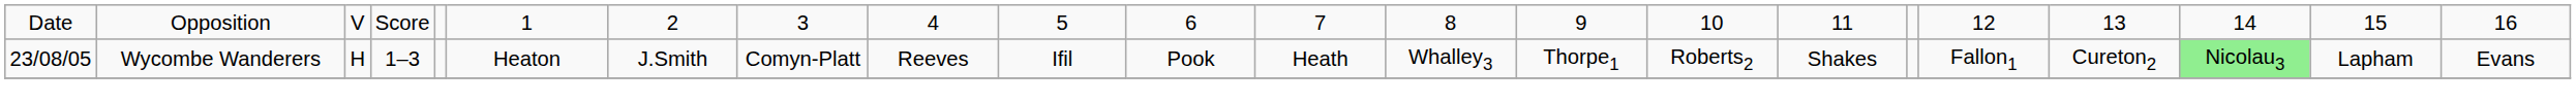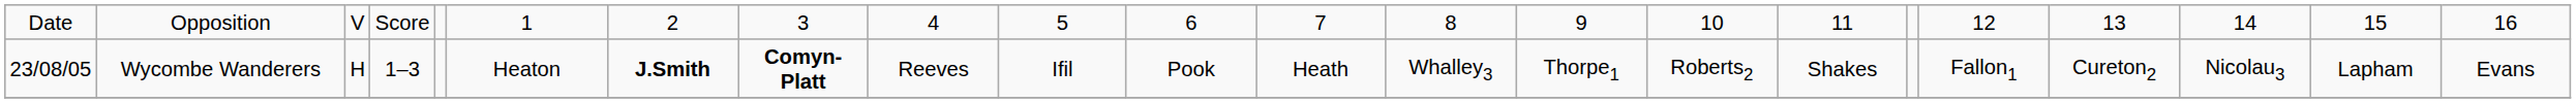 <table class="wikitable" style="font-size: 80%; text-align: center;">
 <tr style="text-align:center;">
 <td style="width:10px; ">Date</td>
 <td style="width:150px; ">Opposition</td>
 <td style="width:5px; ">V</td>
 <td style="width:5px; ">Score</td>
 <td style="width:1px; text-align:center;"></td>
 <td style="width:95px; ">1</td>
 <td style="width:75px; ">2</td>
 <td style="width:75px; ">3</td>
 <td style="width:75px; ">4</td>
 <td style="width:75px; ">5</td>
 <td style="width:75px; ">6</td>
 <td style="width:75px; ">7</td>
 <td style="width:75px; ">8</td>
 <td style="width:75px; ">9</td>
 <td style="width:75px; ">10</td>
 <td style="width:75px; ">11</td>
 <td style="width:1px; text-align:center;"></td>
 <td style="width:75px; ">12</td>
 <td style="width:75px; ">13</td>
 <td style="width:75px; ">14</td>
 <td style="width:75px; ">15</td>
 <td style="width:75px; ">16</td>
 </tr>
 <tr>
 <td>23/08/05</td>
 <td>Wycombe Wanderers</td>
 <td>H</td>
 <td>1–3</td>
 <td></td>
 <td>Heaton</td>
-<td>J.Smith</td>
-<td>Comyn-Platt</td>
+<td><strong>J.Smith</strong></td>
+<td><strong>Comyn-Platt</strong></td>
 <td>Reeves</td>
 <td>Ifil</td>
 <td>Pook</td>
 <td>Heath</td>
 <td>Whalley<sub>3</sub></td>
 <td>Thorpe<sub>1</sub></td>
 <td>Roberts<sub>2</sub></td>
 <td>Shakes</td>
 <td></td>
 <td>Fallon<sub>1</sub></td>
 <td>Cureton<sub>2</sub></td>
-<td style="background: lightgreen;">Nicolau<sub>3</sub></td>
+<td>Nicolau<sub>3</sub></td>
 <td>Lapham</td>
 <td>Evans</td>
 </tr>
 <tr>
 </tr>
 </table>
